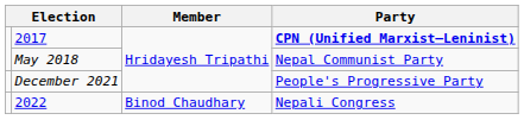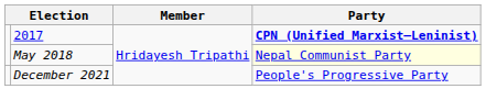 <table class="wikitable">
 <tr>
 <th colspan="2">Election</th>
 <th>Member</th>
 <th>Party</th>
 </tr>
 <tr>
 <td rowspan="2" style="background-color:"></td>
 <td><a href='#'>2017</a></td>
 <td rowspan="3"><a href='#'>Hridayesh Tripathi</a></td>
 <td><strong><a href='#'>CPN (Unified Marxist–Leninist)</a></strong></td>
 </tr>
 <tr>
 <td><em>May 2018</em></td>
-<td><a href='#'>Nepal Communist Party</a></td>
+<td style="background: lightyellow;"><a href='#'>Nepal Communist Party</a></td>
 </tr>
 <tr>
 <td style="background-color:"></td>
 <td><em>December 2021</em></td>
 <td><a href='#'>People's Progressive Party</a></td>
 </tr>
-<tr>
-<td></td>
-<td><a href='#'>2022</a></td>
-<td><a href='#'>Binod Chaudhary</a></td>
-<td><a href='#'>Nepali Congress</a></td>
-</tr>
 </table>
